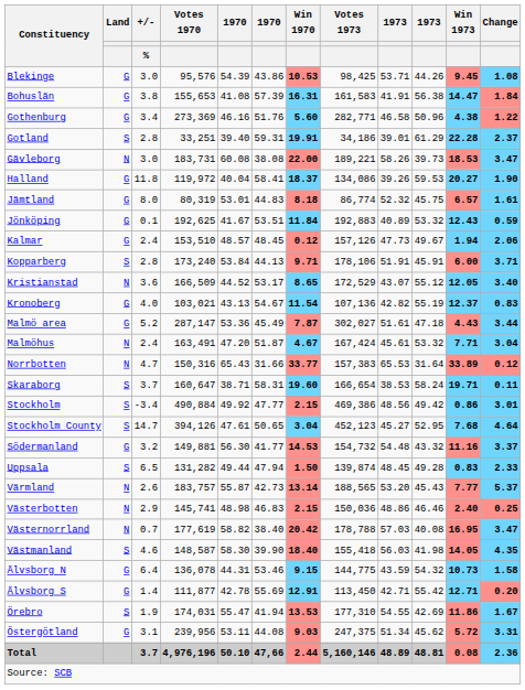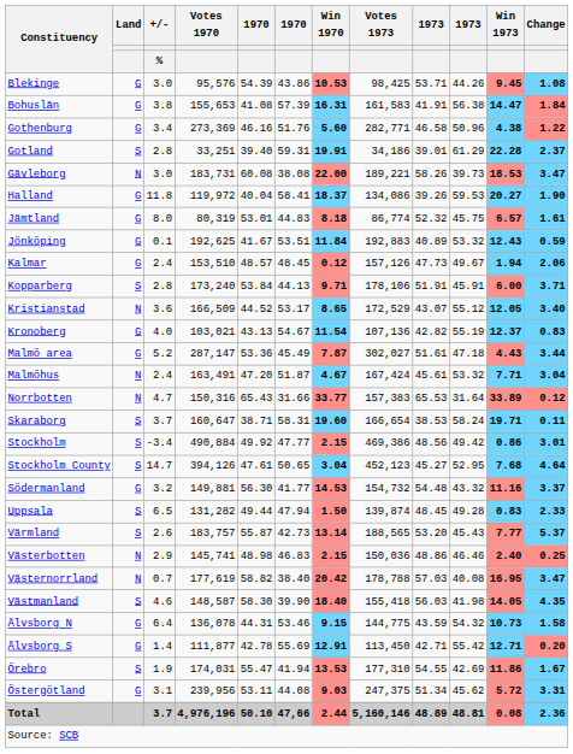 <table class="wikitable sortable" style="text-align:right; font-size:95%; line-height:20px;">
 <tr>
 <th rowspan="3">Constituency</th>
 <th>Land</th>
 <th>+/-</th>
 <th width="30px" class="unsortable">Votes 1970</th>
 <th> 1970</th>
 <th> 1970</th>
 <th width="30px" class="unsortable">Win 1970</th>
 <th width="30px" class="unsortable">Votes 1973</th>
 <th> 1973</th>
 <th> 1973</th>
 <th width="30px" class="unsortable">Win 1973</th>
 <th width="30px" class="unsortable">Change</th>
 </tr>
 <tr>
 <th></th>
 <th></th>
 <th></th>
 <th style="background:"></th>
 <th style="background:"></th>
 <th></th>
 <th></th>
 <th style="background:"></th>
 <th style="background:"></th>
 <th></th>
 <th></th>
 </tr>
 <tr>
 <th data-sort-type="number"></th>
 <th data-sort-type="number">%</th>
 <th data-sort-type="number"></th>
 <th data-sort-type="number"></th>
 <th data-sort-type="number"></th>
 <th data-sort-type="number"></th>
 <th data-sort-type="number"></th>
 <th data-sort-type="number"></th>
 <th data-sort-type="number"></th>
 <th data-sort-type="number"></th>
 <th data-sort-type="number"></th>
 </tr>
 <tr>
 <td align="left"><a href='#'>Blekinge</a></td>
 <td><a href='#'>G</a></td>
 <td>3.0</td>
 <td>95,576</td>
 <td>54.39</td>
 <td>43.86</td>
 <td bgcolor=#ff908c><strong>10.53</strong></td>
 <td>98,425</td>
 <td>53.71</td>
 <td>44.26</td>
 <td bgcolor=#ff908c><strong>9.45</strong></td>
 <td bgcolor=#6fd5fe><strong>1.08</strong></td>
 </tr>
 <tr>
 <td align="left"><a href='#'>Bohuslän</a></td>
 <td><a href='#'>G</a></td>
 <td>3.8</td>
 <td>155,653</td>
 <td>41.08</td>
 <td>57.39</td>
 <td bgcolor=#6fd5fe><strong>16.31</strong></td>
 <td>161,583</td>
 <td>41.91</td>
 <td>56.38</td>
 <td bgcolor=#6fd5fe><strong>14.47</strong></td>
 <td bgcolor=#ff908c><strong>1.84</strong></td>
 </tr>
 <tr>
 <td align="left"><a href='#'>Gothenburg</a></td>
 <td><a href='#'>G</a></td>
 <td>3.4</td>
 <td>273,369</td>
 <td>46.16</td>
 <td>51.76</td>
 <td bgcolor=#6fd5fe><strong>5.60</strong></td>
 <td>282,771</td>
 <td>46.58</td>
 <td>50.96</td>
 <td bgcolor=#6fd5fe><strong>4.38</strong></td>
 <td bgcolor=#ff908c><strong>1.22</strong></td>
 </tr>
 <tr>
 <td align="left"><a href='#'>Gotland</a></td>
 <td><a href='#'>S</a></td>
 <td>2.8</td>
 <td>33,251</td>
 <td>39.40</td>
 <td>59.31</td>
 <td bgcolor=#6fd5fe><strong>19.91</strong></td>
 <td>34,186</td>
 <td>39.01</td>
 <td>61.29</td>
 <td bgcolor=#6fd5fe><strong>22.28</strong></td>
 <td bgcolor=#6fd5fe><strong>2.37</strong></td>
 </tr>
 <tr>
 <td align="left"><a href='#'>Gävleborg</a></td>
 <td><a href='#'>N</a></td>
 <td>3.0</td>
 <td>183,731</td>
 <td>60.08</td>
 <td>38.08</td>
 <td bgcolor=#ff908c><strong>22.00</strong></td>
 <td>189,221</td>
 <td>58.26</td>
 <td>39.73</td>
 <td bgcolor=#ff908c><strong>18.53</strong></td>
 <td bgcolor=#6fd5fe><strong>3.47</strong></td>
 </tr>
 <tr>
 <td align="left"><a href='#'>Halland</a></td>
 <td><a href='#'>G</a></td>
 <td>11.8</td>
 <td>119,972</td>
 <td>40.04</td>
 <td>58.41</td>
 <td bgcolor=#6fd5fe><strong>18.37</strong></td>
 <td>134,086</td>
 <td>39.26</td>
 <td>59.53</td>
 <td bgcolor=#6fd5fe><strong>20.27</strong></td>
 <td bgcolor=#6fd5fe><strong>1.90</strong></td>
 </tr>
 <tr>
 <td align="left"><a href='#'>Jämtland</a></td>
 <td><a href='#'>G</a></td>
 <td>8.0</td>
 <td>80,319</td>
 <td>53.01</td>
 <td>44.83</td>
 <td bgcolor=#ff908c><strong>8.18</strong></td>
 <td>86,774</td>
 <td>52.32</td>
 <td>45.75</td>
 <td bgcolor=#ff908c><strong>6.57</strong></td>
 <td bgcolor=#6fd5fe><strong>1.61</strong></td>
 </tr>
 <tr>
 <td align="left"><a href='#'>Jönköping</a></td>
 <td><a href='#'>G</a></td>
 <td>0.1</td>
 <td>192,625</td>
 <td>41.67</td>
 <td>53.51</td>
 <td bgcolor=#6fd5fe><strong>11.84</strong></td>
 <td>192,883</td>
 <td>40.89</td>
 <td>53.32</td>
 <td bgcolor=#6fd5fe><strong>12.43</strong></td>
 <td bgcolor=#6fd5fe><strong>0.59</strong></td>
 </tr>
 <tr>
 <td align="left"><a href='#'>Kalmar</a></td>
 <td><a href='#'>G</a></td>
 <td>2.4</td>
 <td>153,510</td>
 <td>48.57</td>
 <td>48.45</td>
 <td bgcolor=#ff908c><strong>0.12</strong></td>
 <td>157,126</td>
 <td>47.73</td>
 <td>49.67</td>
 <td bgcolor=#6fd5fe><strong>1.94</strong></td>
 <td bgcolor=#6fd5fe><strong>2.06</strong></td>
 </tr>
 <tr>
 <td align="left"><a href='#'>Kopparberg</a></td>
 <td><a href='#'>S</a></td>
 <td>2.8</td>
 <td>173,240</td>
 <td>53.84</td>
 <td>44.13</td>
 <td bgcolor=#ff908c><strong>9.71</strong></td>
 <td>178,106</td>
 <td>51.91</td>
 <td>45.91</td>
 <td bgcolor=#ff908c><strong>6.00</strong></td>
 <td bgcolor=#6fd5fe><strong>3.71</strong></td>
 </tr>
 <tr>
 <td align="left"><a href='#'>Kristianstad</a></td>
 <td><a href='#'>N</a></td>
 <td>3.6</td>
 <td>166,509</td>
 <td>44.52</td>
 <td>53.17</td>
 <td bgcolor=#6fd5fe><strong>8.65</strong></td>
 <td>172,529</td>
 <td>43.07</td>
 <td>55.12</td>
 <td bgcolor=#6fd5fe><strong>12.05</strong></td>
 <td bgcolor=#6fd5fe><strong>3.40</strong></td>
 </tr>
 <tr>
 <td align="left"><a href='#'>Kronoberg</a></td>
 <td><a href='#'>G</a></td>
 <td>4.0</td>
 <td>103,021</td>
 <td>43.13</td>
 <td>54.67</td>
 <td bgcolor=#6fd5fe><strong>11.54</strong></td>
 <td>107,136</td>
 <td>42.82</td>
 <td>55.19</td>
 <td bgcolor=#6fd5fe><strong>12.37</strong></td>
 <td bgcolor=#6fd5fe><strong>0.83</strong></td>
 </tr>
 <tr>
 <td align="left"><a href='#'>Malmö area</a></td>
 <td><a href='#'>G</a></td>
 <td>5.2</td>
 <td>287,147</td>
 <td>53.36</td>
 <td>45.49</td>
 <td bgcolor=#ff908c><strong>7.87</strong></td>
 <td>302,027</td>
 <td>51.61</td>
 <td>47.18</td>
 <td bgcolor=#ff908c><strong>4.43</strong></td>
 <td bgcolor=#6fd5fe><strong>3.44</strong></td>
 </tr>
 <tr>
 <td align="left"><a href='#'>Malmöhus</a></td>
 <td><a href='#'>N</a></td>
 <td>2.4</td>
 <td>163,491</td>
 <td>47.20</td>
 <td>51.87</td>
 <td bgcolor=#6fd5fe><strong>4.67</strong></td>
 <td>167,424</td>
 <td>45.61</td>
 <td>53.32</td>
 <td bgcolor=#6fd5fe><strong>7.71</strong></td>
 <td bgcolor=#6fd5fe><strong>3.04</strong></td>
 </tr>
 <tr>
 <td align="left"><a href='#'>Norrbotten</a></td>
 <td><a href='#'>N</a></td>
 <td>4.7</td>
 <td>150,316</td>
 <td>65.43</td>
 <td>31.66</td>
 <td bgcolor=#ff908c><strong>33.77</strong></td>
 <td>157,383</td>
 <td>65.53</td>
 <td>31.64</td>
 <td bgcolor=#ff908c><strong>33.89</strong></td>
 <td bgcolor=#ff908c><strong>0.12</strong></td>
 </tr>
 <tr>
 <td align="left"><a href='#'>Skaraborg</a></td>
 <td><a href='#'>S</a></td>
 <td>3.7</td>
 <td>160,647</td>
 <td>38.71</td>
 <td>58.31</td>
 <td bgcolor=#6fd5fe><strong>19.60</strong></td>
 <td>166,654</td>
 <td>38.53</td>
 <td>58.24</td>
 <td bgcolor=#6fd5fe><strong>19.71</strong></td>
 <td bgcolor=#6fd5fe><strong>0.11</strong></td>
 </tr>
 <tr>
 <td align="left"><a href='#'>Stockholm</a></td>
 <td><a href='#'>S</a></td>
 <td>-3.4</td>
 <td>490,884</td>
 <td>49.92</td>
 <td>47.77</td>
 <td bgcolor=#ff908c><strong>2.15</strong></td>
 <td>469,386</td>
 <td>48.56</td>
 <td>49.42</td>
 <td bgcolor=#6fd5fe><strong>0.86</strong></td>
 <td bgcolor=#6fd5fe><strong>3.01</strong></td>
 </tr>
 <tr>
 <td align="left"><a href='#'>Stockholm County</a></td>
 <td><a href='#'>S</a></td>
 <td>14.7</td>
 <td>394,126</td>
 <td>47.61</td>
 <td>50.65</td>
 <td bgcolor=#6fd5fe><strong>3.04</strong></td>
 <td>452,123</td>
 <td>45.27</td>
 <td>52.95</td>
 <td bgcolor=#6fd5fe><strong>7.68</strong></td>
 <td bgcolor=#6fd5fe><strong>4.64</strong></td>
 </tr>
 <tr>
 <td align="left"><a href='#'>Södermanland</a></td>
 <td><a href='#'>G</a></td>
 <td>3.2</td>
 <td>149,881</td>
 <td>56.30</td>
 <td>41.77</td>
 <td bgcolor=#ff908c><strong>14.53</strong></td>
 <td>154,732</td>
 <td>54.48</td>
 <td>43.32</td>
 <td bgcolor=#ff908c><strong>11.16</strong></td>
 <td bgcolor=#6fd5fe><strong>3.37</strong></td>
 </tr>
 <tr>
 <td align="left"><a href='#'>Uppsala</a></td>
 <td><a href='#'>S</a></td>
 <td>6.5</td>
 <td>131,282</td>
 <td>49.44</td>
 <td>47.94</td>
 <td bgcolor=#ff908c><strong>1.50</strong></td>
 <td>139,874</td>
 <td>48.45</td>
 <td>49.28</td>
 <td bgcolor=#6fd5fe><strong>0.83</strong></td>
 <td bgcolor=#6fd5fe><strong>2.33</strong></td>
 </tr>
 <tr>
 <td align="left"><a href='#'>Värmland</a></td>
-<td><a href='#'>N</a></td>
+<td><a href='#'>S</a></td>
 <td>2.6</td>
 <td>183,757</td>
 <td>55.87</td>
 <td>42.73</td>
 <td bgcolor=#ff908c><strong>13.14</strong></td>
 <td>188,565</td>
 <td>53.20</td>
 <td>45.43</td>
 <td bgcolor=#ff908c><strong>7.77</strong></td>
 <td bgcolor=#6fd5fe><strong>5.37</strong></td>
 </tr>
 <tr>
 <td align="left"><a href='#'>Västerbotten</a></td>
 <td><a href='#'>N</a></td>
 <td>2.9</td>
 <td>145,741</td>
 <td>48.98</td>
 <td>46.83</td>
 <td bgcolor=#ff908c><strong>2.15</strong></td>
 <td>150,036</td>
 <td>48.86</td>
 <td>46.46</td>
 <td bgcolor=#ff908c><strong>2.40</strong></td>
 <td bgcolor=#ff908c><strong>0.25</strong></td>
 </tr>
 <tr>
 <td align="left"><a href='#'>Västernorrland</a></td>
 <td><a href='#'>N</a></td>
 <td>0.7</td>
 <td>177,619</td>
 <td>58.82</td>
 <td>38.40</td>
 <td bgcolor=#ff908c><strong>20.42</strong></td>
 <td>178,788</td>
 <td>57.03</td>
 <td>40.08</td>
 <td bgcolor=#ff908c><strong>16.95</strong></td>
 <td bgcolor=#6fd5fe><strong>3.47</strong></td>
 </tr>
 <tr>
 <td align="left"><a href='#'>Västmanland</a></td>
 <td><a href='#'>S</a></td>
 <td>4.6</td>
 <td>148,587</td>
 <td>58.30</td>
 <td>39.90</td>
 <td bgcolor=#ff908c><strong>18.40</strong></td>
 <td>155,418</td>
 <td>56.03</td>
 <td>41.98</td>
 <td bgcolor=#ff908c><strong>14.05</strong></td>
 <td bgcolor=#6fd5fe><strong>4.35</strong></td>
 </tr>
 <tr>
 <td align="left"><a href='#'>Älvsborg N</a></td>
 <td><a href='#'>G</a></td>
 <td>6.4</td>
 <td>136,078</td>
 <td>44.31</td>
 <td>53.46</td>
 <td bgcolor=#6fd5fe><strong>9.15</strong></td>
 <td>144,775</td>
 <td>43.59</td>
 <td>54.32</td>
 <td bgcolor=#6fd5fe><strong>10.73</strong></td>
 <td bgcolor=#6fd5fe><strong>1.58</strong></td>
 </tr>
 <tr>
 <td align="left"><a href='#'>Älvsborg S</a></td>
 <td><a href='#'>G</a></td>
 <td>1.4</td>
 <td>111,877</td>
 <td>42.78</td>
 <td>55.69</td>
 <td bgcolor=#6fd5fe><strong>12.91</strong></td>
 <td>113,450</td>
 <td>42.71</td>
 <td>55.42</td>
 <td bgcolor=#6fd5fe><strong>12.71</strong></td>
 <td bgcolor=#ff908c><strong>0.20</strong></td>
 </tr>
 <tr>
 <td align="left"><a href='#'>Örebro</a></td>
 <td><a href='#'>S</a></td>
 <td>1.9</td>
 <td>174,031</td>
 <td>55.47</td>
 <td>41.94</td>
 <td bgcolor=#ff908c><strong>13.53</strong></td>
 <td>177,310</td>
 <td>54.55</td>
 <td>42.69</td>
 <td bgcolor=#ff908c><strong>11.86</strong></td>
 <td bgcolor=#6fd5fe><strong>1.67</strong></td>
 </tr>
 <tr>
 <td align="left"><a href='#'>Östergötland</a></td>
 <td><a href='#'>G</a></td>
 <td>3.1</td>
 <td>239,956</td>
 <td>53.11</td>
 <td>44.08</td>
 <td bgcolor=#ff908c><strong>9.03</strong></td>
 <td>247,375</td>
 <td>51.34</td>
 <td>45.62</td>
 <td bgcolor=#ff908c><strong>5.72</strong></td>
 <td bgcolor=#6fd5fe><strong>3.31</strong></td>
 </tr>
 <tr>
 </tr>
 <tr style="background:#CDCDCD;">
 <td align="left"><strong>Total</strong></td>
 <td></td>
 <td><strong>3.7</strong></td>
 <td><strong>4,976,196</strong></td>
 <td><strong>50.10</strong></td>
 <td><strong>47,66</strong></td>
 <td bgcolor=#ff908c><strong>2.44</strong></td>
 <td><strong>5,160,146</strong></td>
 <td><strong>48.89</strong></td>
 <td><strong>48.81</strong></td>
 <td bgcolor=#ff908c><strong>0.08</strong></td>
 <td bgcolor=#6fd5fe><strong>2.36</strong></td>
 </tr>
 <tr>
 <td colspan="12" align="left">Source: <a href='#'>SCB</a></td>
 </tr>
 </table>
